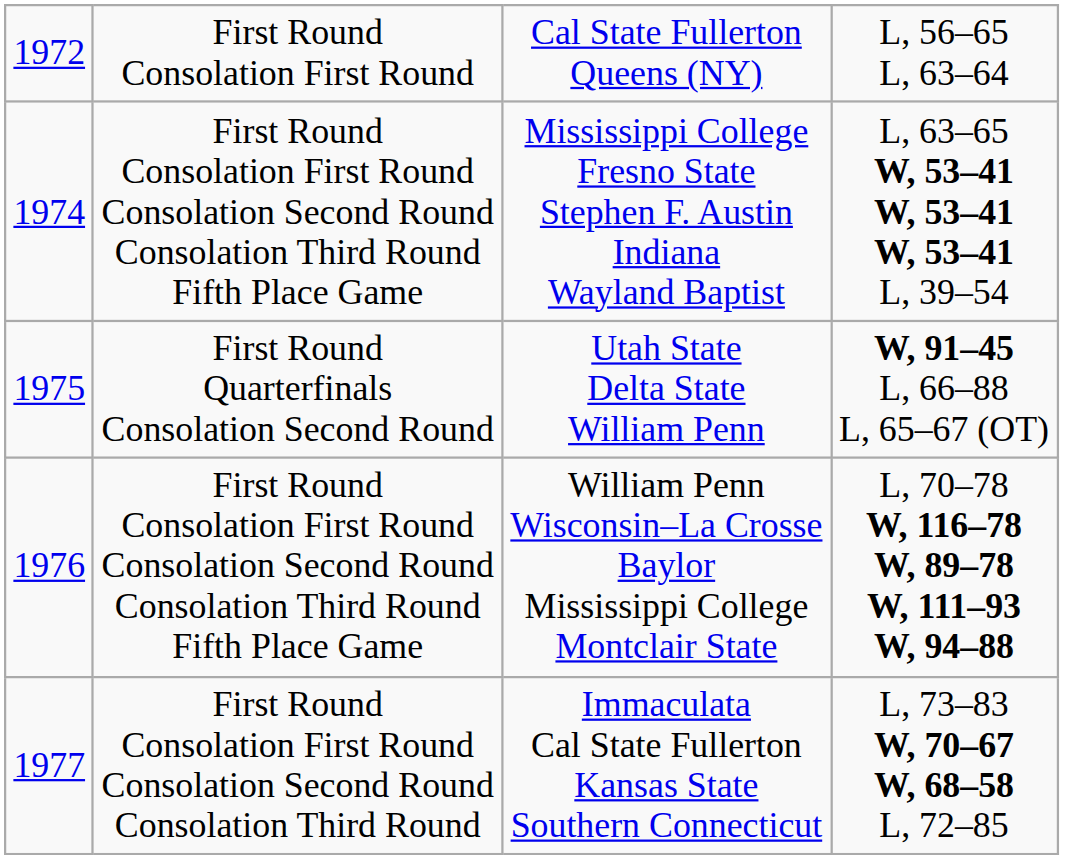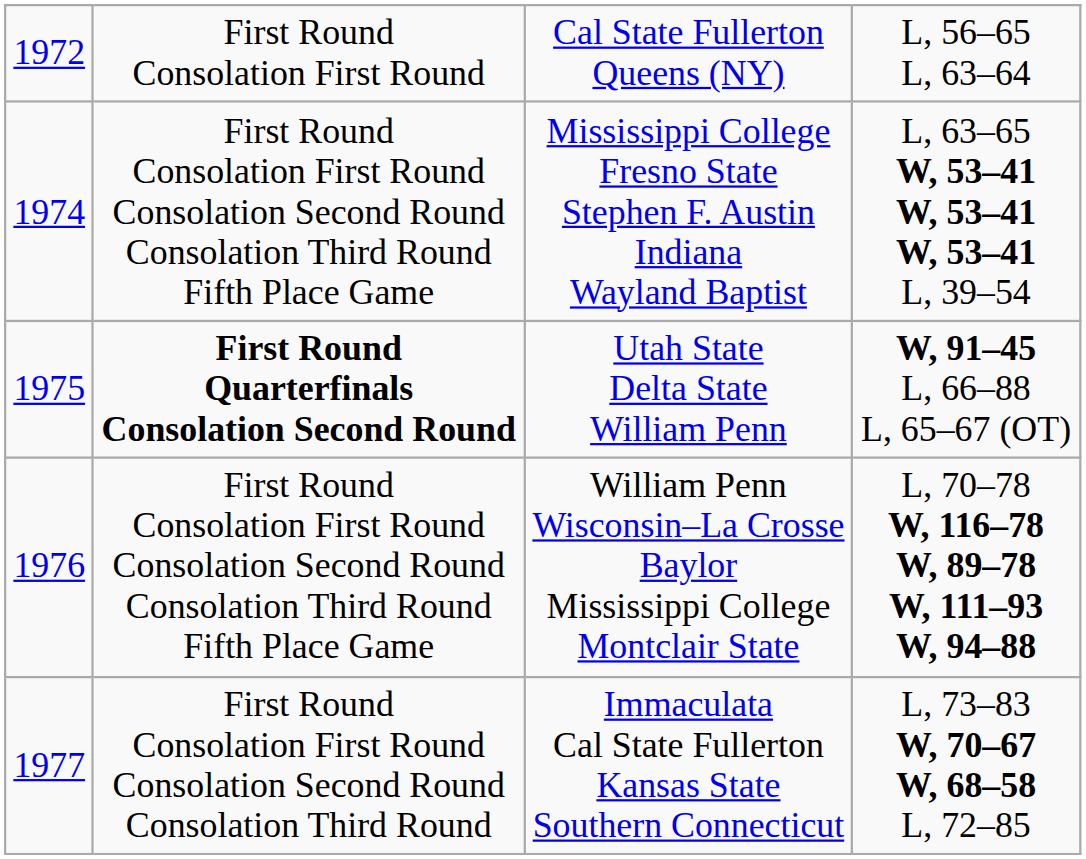 <table class="wikitable">
 <tr align="center">
 <td><a href='#'>1972</a></td>
 <td>First Round<br>Consolation First Round</td>
 <td><a href='#'>Cal State Fullerton</a><br><a href='#'>Queens (NY)</a></td>
 <td>L, 56–65<br>L, 63–64</td>
 </tr>
 <tr align="center">
 <td><a href='#'>1974</a></td>
 <td>First Round<br>Consolation First Round<br>Consolation Second Round<br>Consolation Third Round<br>Fifth Place Game</td>
 <td><a href='#'>Mississippi College</a><br><a href='#'>Fresno State</a><br><a href='#'>Stephen F. Austin</a><br><a href='#'>Indiana</a><br><a href='#'>Wayland Baptist</a></td>
 <td>L, 63–65<br><strong>W, 53–41</strong><br><strong>W, 53–41</strong><br><strong>W, 53–41</strong><br>L, 39–54</td>
 </tr>
 <tr align="center">
 <td><a href='#'>1975</a></td>
-<td>First Round<br>Quarterfinals<br>Consolation Second Round</td>
+<td><strong>First Round<br>Quarterfinals<br>Consolation Second Round</strong></td>
 <td><a href='#'>Utah State</a><br><a href='#'>Delta State</a><br><a href='#'>William Penn</a></td>
 <td><strong>W, 91–45</strong><br>L, 66–88<br>L, 65–67 (OT)</td>
 </tr>
 <tr align="center">
 <td><a href='#'>1976</a></td>
 <td>First Round<br>Consolation First Round<br>Consolation Second Round<br>Consolation Third Round<br>Fifth Place Game</td>
 <td>William Penn<br><a href='#'>Wisconsin–La Crosse</a><br><a href='#'>Baylor</a><br>Mississippi College<br><a href='#'>Montclair State</a></td>
 <td>L, 70–78<br><strong>W, 116–78</strong><br><strong>W, 89–78</strong><br><strong>W, 111–93</strong><br><strong>W, 94–88</strong></td>
 </tr>
 <tr align="center">
 <td><a href='#'>1977</a></td>
 <td>First Round<br>Consolation First Round<br>Consolation Second Round<br>Consolation Third Round</td>
 <td><a href='#'>Immaculata</a><br>Cal State Fullerton<br><a href='#'>Kansas State</a><br><a href='#'>Southern Connecticut</a></td>
 <td>L, 73–83<br><strong>W, 70–67</strong><br><strong>W, 68–58</strong><br>L, 72–85</td>
 </tr>
 </table>
